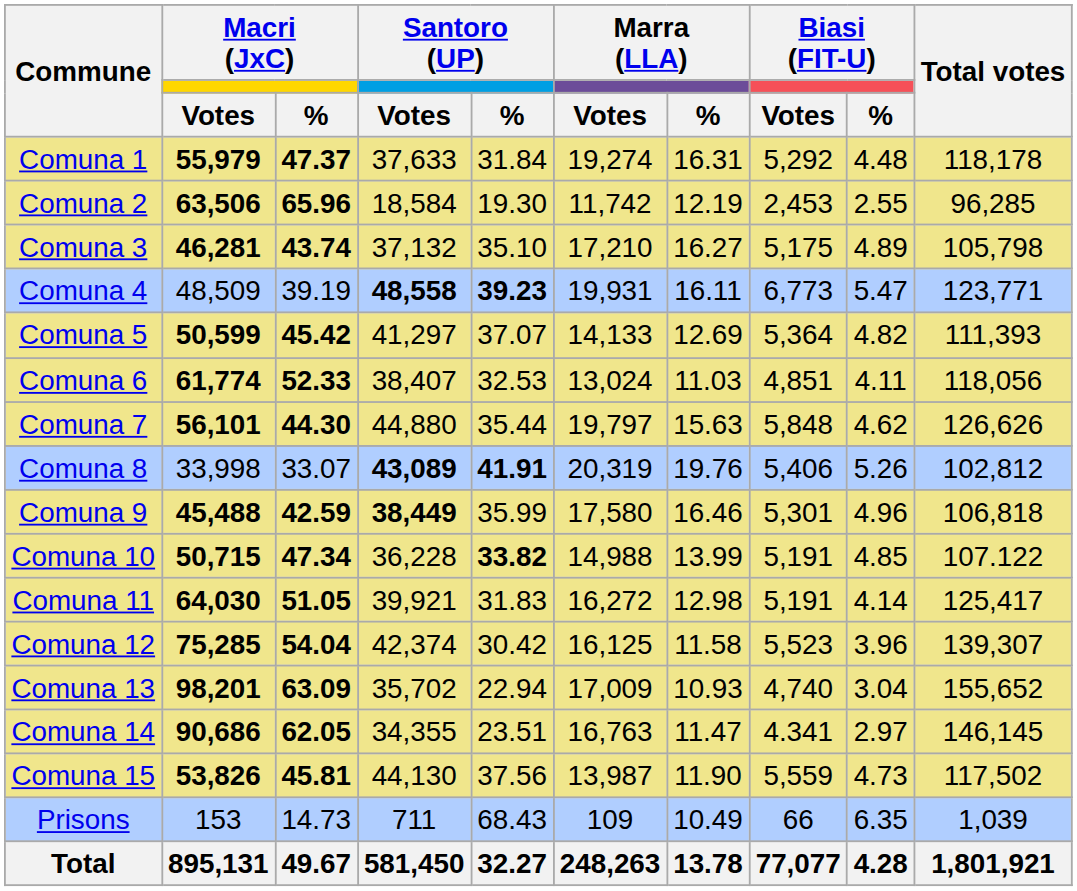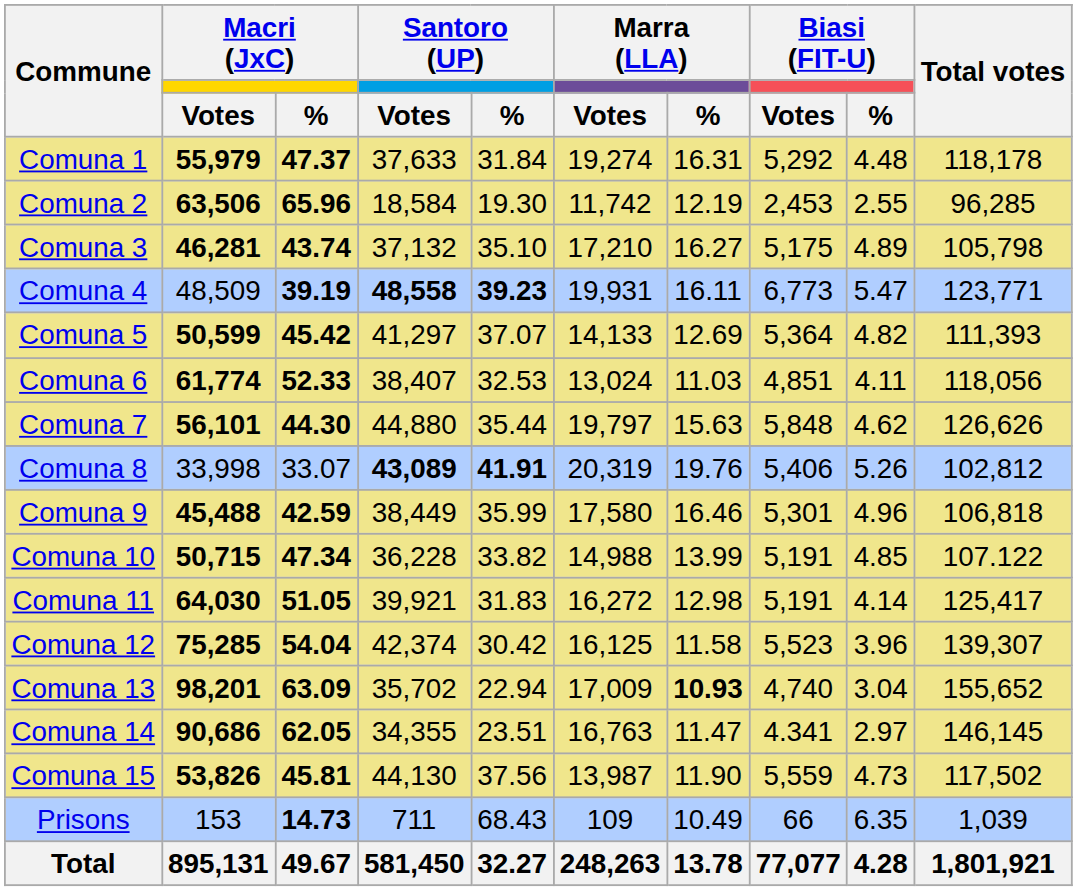 <table class="wikitable sortable" style="text-align: center; font-size: 95%;">
 <tr>
 <th rowspan=3>Commune</th>
 <th colspan=2><a href='#'>Macri</a><br>(<a href='#'>JxC</a>)</th>
 <th colspan=2><a href='#'>Santoro</a><br>(<a href='#'>UP</a>)</th>
 <th colspan=2>Marra<br>(<a href='#'>LLA</a>)</th>
 <th colspan=2><a href='#'>Biasi</a><br>(<a href='#'>FIT-U</a>)</th>
 <th rowspan=3>Total votes</th>
 </tr>
 <tr>
 <th colspan=2 style="background:#FFD700"></th>
 <th colspan=2 style="background:#009FE3"></th>
 <th colspan=2 style="background:#6C4C99"></th>
 <th colspan=2 style="background:#F65058"></th>
 </tr>
 <tr>
 <th>Votes</th>
 <th>%</th>
 <th>Votes</th>
 <th>%</th>
 <th>Votes</th>
 <th>%</th>
 <th>Votes</th>
 <th>%</th>
 </tr>
 <tr bgcolor="khaki">
 <td><a href='#'>Comuna 1</a></td>
 <td><strong>55,979</strong></td>
 <td><strong>47.37</strong></td>
 <td>37,633</td>
 <td>31.84</td>
 <td>19,274</td>
 <td>16.31</td>
 <td>5,292</td>
 <td>4.48</td>
 <td>118,178</td>
 </tr>
 <tr bgcolor="khaki">
 <td><a href='#'>Comuna 2</a></td>
 <td><strong>63,506</strong></td>
 <td><strong>65.96</strong></td>
 <td>18,584</td>
 <td>19.30</td>
 <td>11,742</td>
 <td>12.19</td>
 <td>2,453</td>
 <td>2.55</td>
 <td>96,285</td>
 </tr>
 <tr bgcolor="khaki">
 <td><a href='#'>Comuna 3</a></td>
 <td><strong>46,281</strong></td>
 <td><strong>43.74</strong></td>
 <td>37,132</td>
 <td>35.10</td>
 <td>17,210</td>
 <td>16.27</td>
 <td>5,175</td>
 <td>4.89</td>
 <td>105,798</td>
 </tr>
 <tr bgcolor="#B0CEFF">
 <td><a href='#'>Comuna 4</a></td>
 <td>48,509</td>
-<td>39.19</td>
+<td><strong>39.19</strong></td>
 <td><strong>48,558</strong></td>
 <td><strong>39.23</strong></td>
 <td>19,931</td>
 <td>16.11</td>
 <td>6,773</td>
 <td>5.47</td>
 <td>123,771</td>
 </tr>
 <tr bgcolor="khaki">
 <td><a href='#'>Comuna 5</a></td>
 <td><strong>50,599</strong></td>
 <td><strong>45.42</strong></td>
 <td>41,297</td>
 <td>37.07</td>
 <td>14,133</td>
 <td>12.69</td>
 <td>5,364</td>
 <td>4.82</td>
 <td>111,393</td>
 </tr>
 <tr bgcolor="khaki">
 <td><a href='#'>Comuna 6</a></td>
 <td><strong>61,774</strong></td>
 <td><strong>52.33</strong></td>
 <td>38,407</td>
 <td>32.53</td>
 <td>13,024</td>
 <td>11.03</td>
 <td>4,851</td>
 <td>4.11</td>
 <td>118,056</td>
 </tr>
 <tr bgcolor="khaki">
 <td><a href='#'>Comuna 7</a></td>
 <td><strong>56,101</strong></td>
 <td><strong>44.30</strong></td>
 <td>44,880</td>
 <td>35.44</td>
 <td>19,797</td>
 <td>15.63</td>
 <td>5,848</td>
 <td>4.62</td>
 <td>126,626</td>
 </tr>
 <tr bgcolor="#B0CEFF">
 <td><a href='#'>Comuna 8</a></td>
 <td>33,998</td>
 <td>33.07</td>
 <td><strong>43,089</strong></td>
 <td><strong>41.91</strong></td>
 <td>20,319</td>
 <td>19.76</td>
 <td>5,406</td>
 <td>5.26</td>
 <td>102,812</td>
 </tr>
 <tr bgcolor="khaki">
 <td><a href='#'>Comuna 9</a></td>
 <td><strong>45,488</strong></td>
 <td><strong>42.59</strong></td>
-<td><strong>38,449</strong></td>
+<td>38,449</td>
 <td>35.99</td>
 <td>17,580</td>
 <td>16.46</td>
 <td>5,301</td>
 <td>4.96</td>
 <td>106,818</td>
 </tr>
 <tr bgcolor="khaki">
 <td><a href='#'>Comuna 10</a></td>
 <td><strong>50,715</strong></td>
 <td><strong>47.34</strong></td>
 <td>36,228</td>
-<td><strong>33.82</strong></td>
+<td>33.82</td>
 <td>14,988</td>
 <td>13.99</td>
 <td>5,191</td>
 <td>4.85</td>
 <td>107.122</td>
 </tr>
 <tr bgcolor="khaki">
 <td><a href='#'>Comuna 11</a></td>
 <td><strong>64,030</strong></td>
 <td><strong>51.05</strong></td>
 <td>39,921</td>
 <td>31.83</td>
 <td>16,272</td>
 <td>12.98</td>
 <td>5,191</td>
 <td>4.14</td>
 <td>125,417</td>
 </tr>
 <tr bgcolor="khaki">
 <td><a href='#'>Comuna 12</a></td>
 <td><strong>75,285</strong></td>
 <td><strong>54.04</strong></td>
 <td>42,374</td>
 <td>30.42</td>
 <td>16,125</td>
 <td>11.58</td>
 <td>5,523</td>
 <td>3.96</td>
 <td>139,307</td>
 </tr>
 <tr bgcolor="khaki">
 <td><a href='#'>Comuna 13</a></td>
 <td><strong>98,201</strong></td>
 <td><strong>63.09</strong></td>
 <td>35,702</td>
 <td>22.94</td>
 <td>17,009</td>
-<td>10.93</td>
+<td><strong>10.93</strong></td>
 <td>4,740</td>
 <td>3.04</td>
 <td>155,652</td>
 </tr>
 <tr bgcolor="khaki">
 <td><a href='#'>Comuna 14</a></td>
 <td><strong>90,686</strong></td>
 <td><strong>62.05</strong></td>
 <td>34,355</td>
 <td>23.51</td>
 <td>16,763</td>
 <td>11.47</td>
 <td>4.341</td>
 <td>2.97</td>
 <td>146,145</td>
 </tr>
 <tr bgcolor="khaki">
 <td><a href='#'>Comuna 15</a></td>
 <td><strong>53,826</strong></td>
 <td><strong>45.81</strong></td>
 <td>44,130</td>
 <td>37.56</td>
 <td>13,987</td>
 <td>11.90</td>
 <td>5,559</td>
 <td>4.73</td>
 <td>117,502</td>
 </tr>
 <tr bgcolor="#B0CEFF">
 <td><a href='#'>Prisons</a></td>
 <td>153</td>
-<td>14.73</td>
+<td><strong>14.73</strong></td>
 <td>711</td>
 <td>68.43</td>
 <td>109</td>
 <td>10.49</td>
 <td>66</td>
 <td>6.35</td>
 <td>1,039</td>
 </tr>
 <tr>
 <th>Total</th>
 <th>895,131</th>
 <th>49.67</th>
 <th>581,450</th>
 <th>32.27</th>
 <th>248,263</th>
 <th>13.78</th>
 <th>77,077</th>
 <th>4.28</th>
 <th>1,801,921</th>
 </tr>
 </table>
